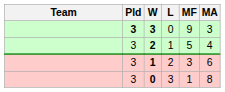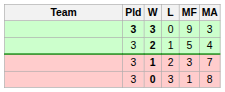 <table class=wikitable style="text-align:center">
 <tr>
 <th width=175>Team</th>
 <th width=20>Pld</th>
 <th width=20>W</th>
 <th width=20>L</th>
 <th width=20>MF</th>
 <th width=20>MA</th>
 </tr>
 <tr bgcolor=ccffcc>
 <td style="text-align:left"></td>
 <td><strong>3</strong></td>
 <td><strong>3</strong></td>
 <td>0</td>
 <td>9</td>
 <td>3</td>
 </tr>
 <tr bgcolor=ccffcc style="border-bottom:2px solid green;">
 <td style="text-align:left"></td>
 <td>3</td>
 <td><strong>2</strong></td>
 <td>1</td>
 <td>5</td>
 <td>4</td>
 </tr>
 <tr bgcolor=ffcccc>
 <td style="text-align:left"></td>
 <td>3</td>
 <td><strong>1</strong></td>
 <td>2</td>
 <td>3</td>
-<td>6</td>
+<td>7</td>
 </tr>
 <tr bgcolor=ffcccc>
 <td style="text-align:left"></td>
 <td>3</td>
 <td><strong>0</strong></td>
 <td>3</td>
 <td>1</td>
 <td>8</td>
 </tr>
 </table>
